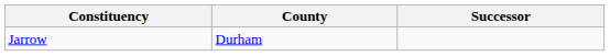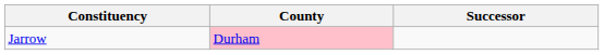 <table class="wikitable">
 <tr>
 <th width="225px">Constituency</th>
 <th width="200px">County</th>
 <th width="225px">Successor</th>
 </tr>
 <tr>
 <td><a href='#'>Jarrow</a></td>
-<td><a href='#'>Durham</a></td>
+<td style="background: pink;"><a href='#'>Durham</a></td>
 </tr>
 </table>
